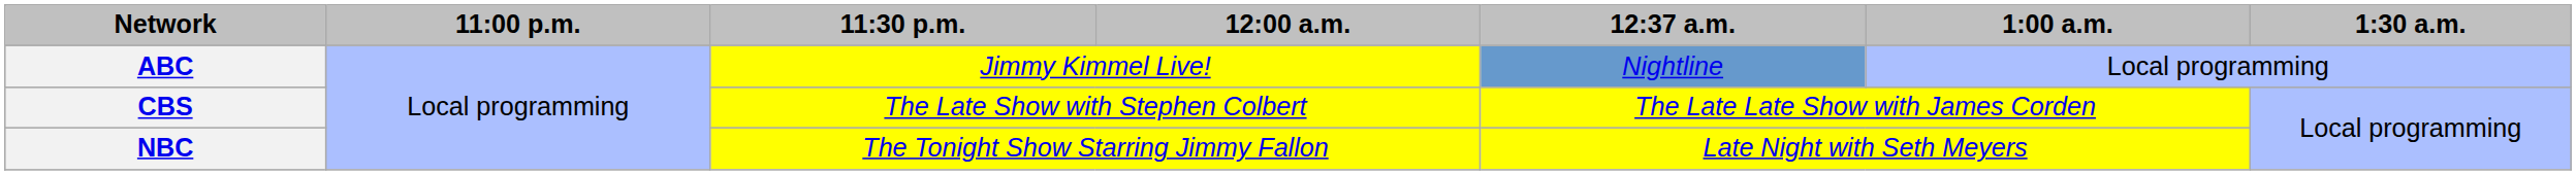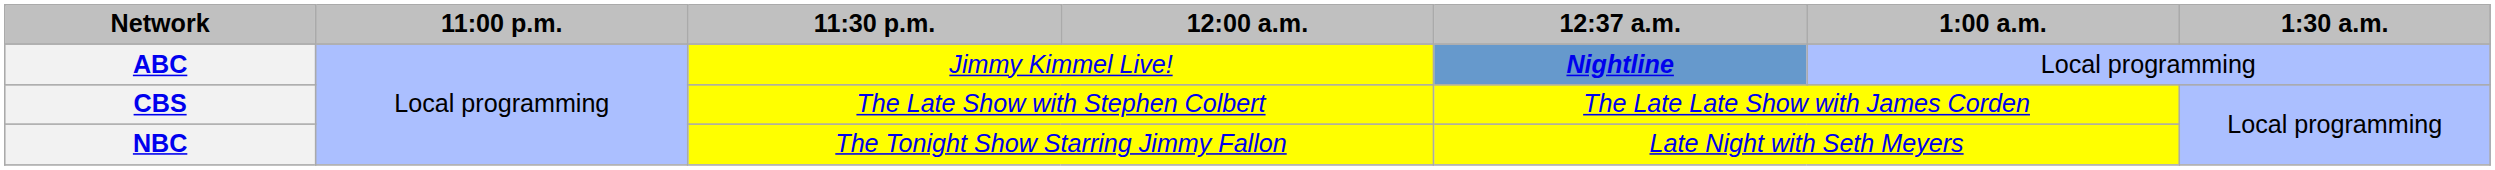 <table class="wikitable" style="width:100%;margin-right:0;text-align:center">
 <tr>
 <th style="background-color:#C0C0C0;text-align:center;width:12.5%;">Network</th>
 <th style="background-color:#C0C0C0;text-align:center;width:15%">11:00 p.m.</th>
 <th style="background-color:#C0C0C0;text-align:center;width:15%">11:30 p.m.</th>
 <th style="background-color:#C0C0C0;text-align:center;width:15%">12:00 a.m.</th>
 <th style="background-color:#C0C0C0;text-align:center;width:15%">12:37 a.m.</th>
 <th style="background-color:#C0C0C0;text-align:center;width:15%">1:00 a.m.</th>
 <th style="background-color:#C0C0C0;text-align:center;width:12.5%">1:30 a.m.</th>
 </tr>
 <tr>
 <th><a href='#'>ABC</a></th>
 <td rowspan="3" style="background:#abbfff">Local programming</td>
 <td colspan="2" style="background:yellow"><em><a href='#'>Jimmy Kimmel Live!</a></em> </td>
-<td style="background: #6699CC"><em><a href='#'>Nightline</a></em></td>
+<td style="background: #6699CC"><strong><em><a href='#'>Nightline</a></em></strong></td>
 <td colspan="2" style="background:#abbfff">Local programming </td>
 </tr>
 <tr>
 <th><a href='#'>CBS</a></th>
 <td colspan="2" style="background:yellow"><em><a href='#'>The Late Show with Stephen Colbert</a></em> </td>
 <td colspan="2" style="background:yellow"><em><a href='#'>The Late Late Show with James Corden</a></em></td>
 <td rowspan="2" style="background:#abbfff">Local programming </td>
 </tr>
 <tr>
 <th><a href='#'>NBC</a></th>
 <td colspan="2" style="background:yellow"><em><a href='#'>The Tonight Show Starring Jimmy Fallon</a></em> </td>
 <td colspan="2" style="background:yellow"><em><a href='#'>Late Night with Seth Meyers</a></em></td>
 </tr>
 </table>
